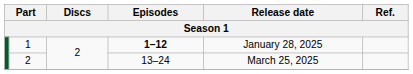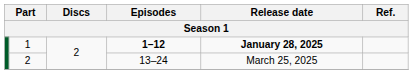 <table class="wikitable" style="text-align: center; width: 50%;">
 <tr>
 <th colspan="2">Part</th>
 <th>Discs</th>
 <th>Episodes</th>
 <th>Release date</th>
 <th>Ref.</th>
 </tr>
 <tr>
 <th colspan="6">Season 1</th>
 </tr>
 <tr>
 <td rowspan="2" width="1%" style="background: #005C29;"></td>
 <td>1</td>
 <td rowspan="2">2</td>
 <td><strong>1–12</strong></td>
-<td>January 28, 2025</td>
+<td><strong>January 28, 2025</strong></td>
 <td></td>
 </tr>
 <tr>
 <td>2</td>
 <td>13–24</td>
 <td>March 25, 2025</td>
 <td></td>
 </tr>
 <tr>
 </tr>
 </table>
